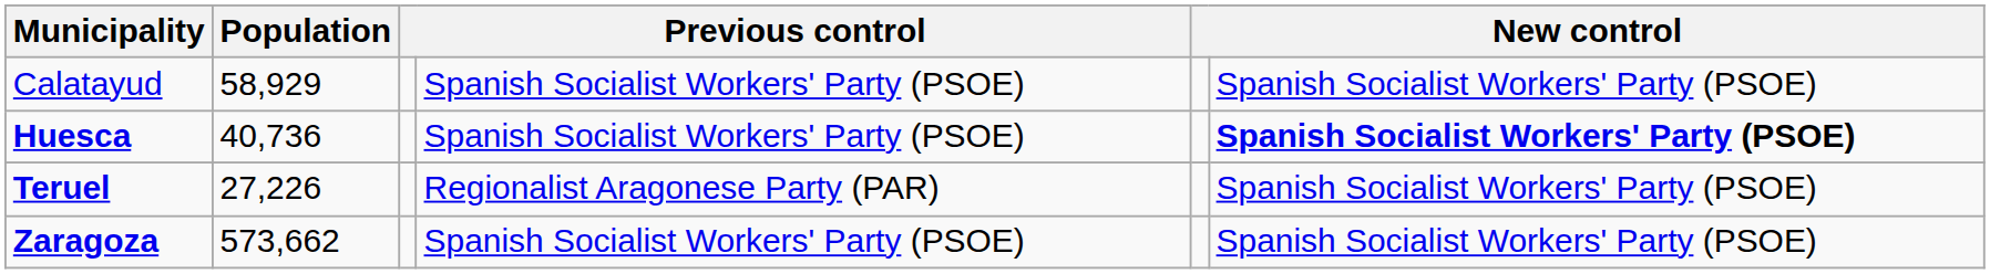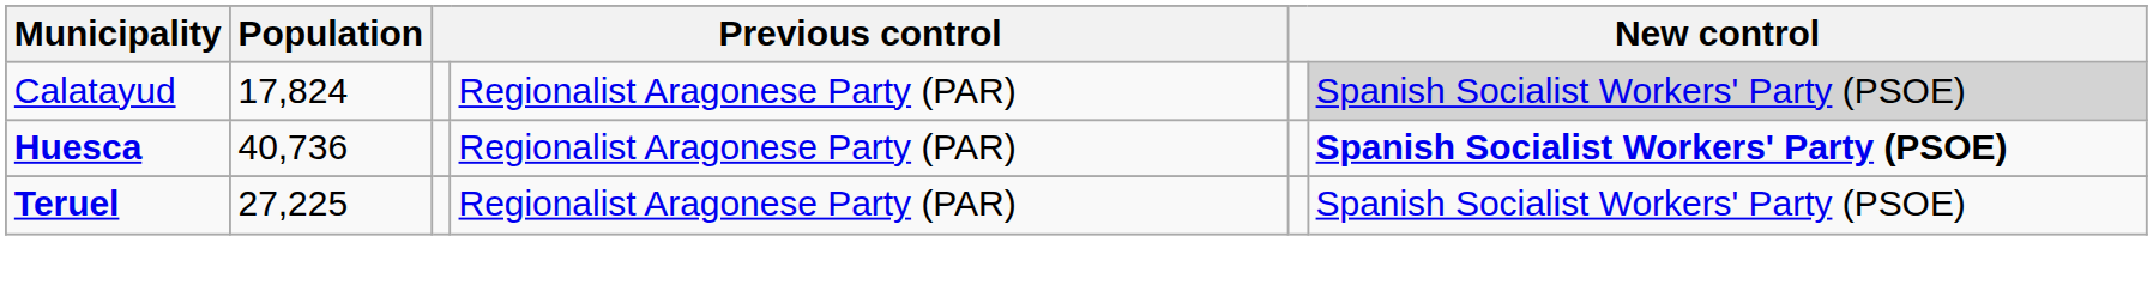 <table class="wikitable sortable">
 <tr>
 <th>Municipality</th>
 <th>Population</th>
 <th colspan="2" style="width:375px;">Previous control</th>
 <th colspan="2" style="width:375px;">New control</th>
 </tr>
 <tr>
 <td><a href='#'>Calatayud</a></td>
-<td>58,929</td>
+<td>17,824</td>
 <td width="1" style="color:inherit;background:"></td>
-<td><a href='#'>Spanish Socialist Workers' Party</a> (PSOE)</td>
+<td><a href='#'>Regionalist Aragonese Party</a> (PAR)</td>
 <td width="1" style="color:inherit;background:"></td>
-<td><a href='#'>Spanish Socialist Workers' Party</a> (PSOE) </td>
+<td style="background: lightgrey;"><a href='#'>Spanish Socialist Workers' Party</a> (PSOE) </td>
 </tr>
 <tr>
 <td><strong><a href='#'>Huesca</a></strong></td>
 <td>40,736</td>
 <td style="color:inherit;background:"></td>
-<td><a href='#'>Spanish Socialist Workers' Party</a> (PSOE)</td>
+<td><a href='#'>Regionalist Aragonese Party</a> (PAR)</td>
 <td style="color:inherit;background:"></td>
 <td><strong><a href='#'>Spanish Socialist Workers' Party</a> (PSOE)</strong></td>
 </tr>
 <tr>
 <td><strong><a href='#'>Teruel</a></strong></td>
-<td>27,226</td>
+<td>27,225</td>
 <td style="color:inherit;background:"></td>
 <td><a href='#'>Regionalist Aragonese Party</a> (PAR)</td>
 <td style="color:inherit;background:"></td>
 <td><a href='#'>Spanish Socialist Workers' Party</a> (PSOE)</td>
 </tr>
-<tr>
-<td><strong><a href='#'>Zaragoza</a></strong></td>
-<td>573,662</td>
-<td style="color:inherit;background:"></td>
-<td><a href='#'>Spanish Socialist Workers' Party</a> (PSOE)</td>
-<td style="color:inherit;background:"></td>
-<td><a href='#'>Spanish Socialist Workers' Party</a> (PSOE)</td>
-</tr>
 </table>
